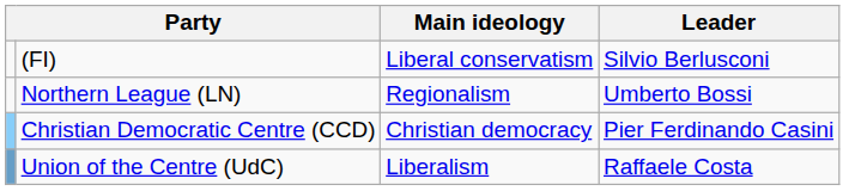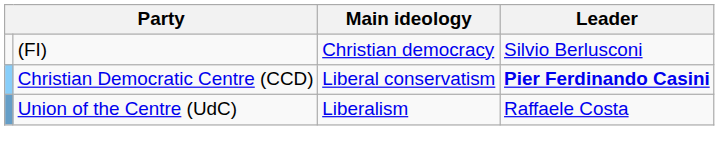 <table class=wikitable style=text-align:left>
 <tr>
 <th colspan=2>Party</th>
 <th>Main ideology</th>
 <th>Leader</th>
 </tr>
 <tr>
 <td></td>
 <td> (FI)</td>
-<td><a href='#'>Liberal conservatism</a></td>
+<td><a href='#'>Christian democracy</a></td>
 <td><a href='#'>Silvio Berlusconi</a></td>
-</tr>
-<tr>
-<td></td>
-<td><a href='#'>Northern League</a> (LN)</td>
-<td><a href='#'>Regionalism</a></td>
-<td><a href='#'>Umberto Bossi</a></td>
 </tr>
 <tr>
 <td style="background:#87cefa;"></td>
 <td><a href='#'>Christian Democratic Centre</a> (CCD)</td>
-<td><a href='#'>Christian democracy</a></td>
-<td><a href='#'>Pier Ferdinando Casini</a></td>
+<td><a href='#'>Liberal conservatism</a></td>
+<td><strong><a href='#'>Pier Ferdinando Casini</a></strong></td>
 </tr>
 <tr>
 <td style="background:#659EC7;"></td>
 <td><a href='#'>Union of the Centre</a> (UdC)</td>
 <td><a href='#'>Liberalism</a></td>
 <td><a href='#'>Raffaele Costa</a></td>
 </tr>
 </table>
